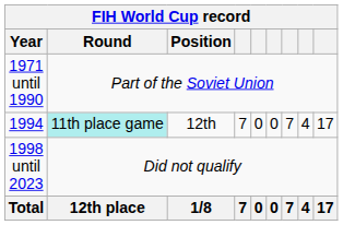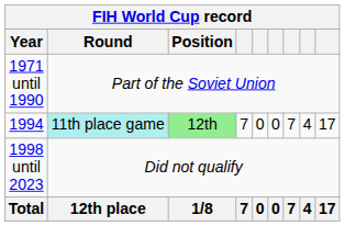 <table class="wikitable" style="text-align: center;">
 <tr>
 <th colspan=10><a href='#'>FIH World Cup</a> record</th>
 </tr>
 <tr>
 <th>Year</th>
 <th>Round</th>
 <th>Position</th>
 <th></th>
 <th></th>
 <th></th>
 <th></th>
 <th></th>
 <th></th>
 </tr>
 <tr>
 <td> <a href='#'>1971</a><br>until<br> <a href='#'>1990</a></td>
 <td colspan=8><em>Part of the <a href='#'>Soviet Union</a></em></td>
 </tr>
 <tr>
 <td> <a href='#'>1994</a></td>
 <td style="background: paleturquoise;">11th place game</td>
-<td>12th</td>
+<td style="background: lightgreen;">12th</td>
 <td>7</td>
 <td>0</td>
 <td>0</td>
 <td>7</td>
 <td>4</td>
 <td>17</td>
 </tr>
 <tr>
 <td> <a href='#'>1998</a><br>until<br> <a href='#'>2023</a></td>
 <td colspan=8><em>Did not qualify</em></td>
 </tr>
 <tr>
 <th>Total</th>
 <th>12th place</th>
 <th>1/8</th>
 <th>7</th>
 <th>0</th>
 <th>0</th>
 <th>7</th>
 <th>4</th>
 <th>17</th>
 </tr>
 </table>
